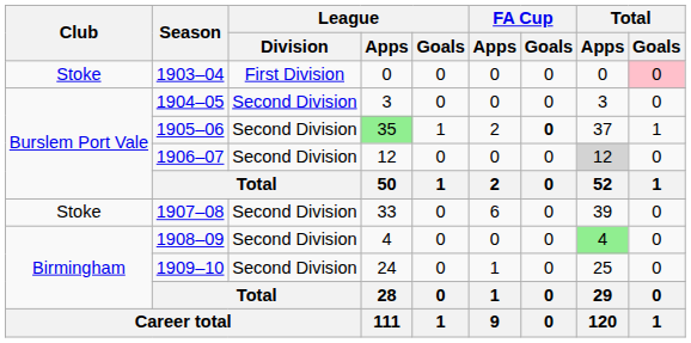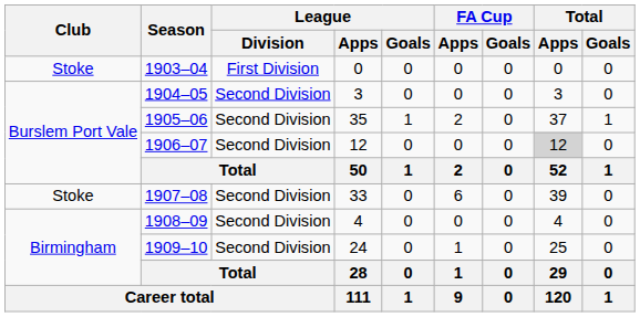 <table class="wikitable" style="text-align:center">
 <tr>
 <th rowspan="2">Club</th>
 <th rowspan="2">Season</th>
 <th colspan="3">League</th>
 <th colspan="2"><a href='#'>FA Cup</a></th>
 <th colspan="2">Total</th>
 </tr>
 <tr>
 <th>Division</th>
 <th>Apps</th>
 <th>Goals</th>
 <th>Apps</th>
 <th>Goals</th>
 <th>Apps</th>
 <th>Goals</th>
 </tr>
 <tr>
 <td><a href='#'>Stoke</a></td>
 <td><a href='#'>1903–04</a></td>
 <td><a href='#'>First Division</a></td>
 <td>0</td>
 <td>0</td>
 <td>0</td>
 <td>0</td>
 <td>0</td>
-<td style="background: pink;">0</td>
+<td>0</td>
 </tr>
 <tr>
 <td rowspan="4"><a href='#'>Burslem Port Vale</a></td>
 <td><a href='#'>1904–05</a></td>
 <td><a href='#'>Second Division</a></td>
 <td>3</td>
 <td>0</td>
 <td>0</td>
 <td>0</td>
 <td>3</td>
 <td>0</td>
 </tr>
 <tr>
 <td><a href='#'>1905–06</a></td>
 <td>Second Division</td>
-<td style="background: lightgreen;">35</td>
+<td>35</td>
 <td>1</td>
 <td>2</td>
-<td><strong>0</strong></td>
+<td>0</td>
 <td>37</td>
 <td>1</td>
 </tr>
 <tr>
 <td><a href='#'>1906–07</a></td>
 <td>Second Division</td>
 <td>12</td>
 <td>0</td>
 <td>0</td>
 <td>0</td>
 <td style="background: lightgrey;">12</td>
 <td>0</td>
 </tr>
 <tr>
 <th colspan="2">Total</th>
 <th>50</th>
 <th>1</th>
 <th>2</th>
 <th>0</th>
 <th>52</th>
 <th>1</th>
 </tr>
 <tr>
 <td>Stoke</td>
 <td><a href='#'>1907–08</a></td>
 <td>Second Division</td>
 <td>33</td>
 <td>0</td>
 <td>6</td>
 <td>0</td>
 <td>39</td>
 <td>0</td>
 </tr>
 <tr>
 <td rowspan="3"><a href='#'>Birmingham</a></td>
 <td><a href='#'>1908–09</a></td>
 <td>Second Division</td>
 <td>4</td>
 <td>0</td>
 <td>0</td>
 <td>0</td>
-<td style="background: lightgreen;">4</td>
+<td>4</td>
 <td>0</td>
 </tr>
 <tr>
 <td><a href='#'>1909–10</a></td>
 <td>Second Division</td>
 <td>24</td>
 <td>0</td>
 <td>1</td>
 <td>0</td>
 <td>25</td>
 <td>0</td>
 </tr>
 <tr>
 <th colspan="2">Total</th>
 <th>28</th>
 <th>0</th>
 <th>1</th>
 <th>0</th>
 <th>29</th>
 <th>0</th>
 </tr>
 <tr>
 <th colspan="3">Career total</th>
 <th>111</th>
 <th>1</th>
 <th>9</th>
 <th>0</th>
 <th>120</th>
 <th>1</th>
 </tr>
 </table>
